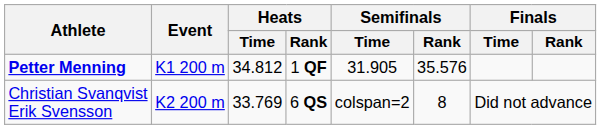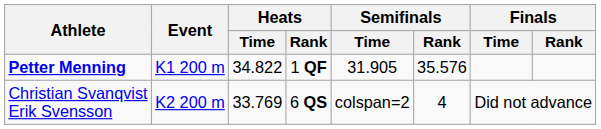 <table class="wikitable" style="font-size:90%">
 <tr>
 <th rowspan="2">Athlete</th>
 <th rowspan="2">Event</th>
 <th colspan=2>Heats</th>
 <th colspan=2>Semifinals</th>
 <th colspan=2>Finals</th>
 </tr>
 <tr style="font-size:95%">
 <th>Time</th>
 <th>Rank</th>
 <th>Time</th>
 <th>Rank</th>
 <th>Time</th>
 <th>Rank</th>
 </tr>
 <tr align=center>
 <td align=left><strong><a href='#'>Petter Menning</a></strong></td>
 <td align=left><a href='#'>K1 200 m</a></td>
-<td>34.812</td>
+<td>34.822</td>
 <td>1 <strong>QF</strong></td>
 <td>31.905</td>
 <td>35.576</td>
 <td></td>
 </tr>
 <tr align=center>
 <td align=left><a href='#'>Christian Svanqvist</a><br><a href='#'>Erik Svensson</a></td>
 <td align=left><a href='#'>K2 200 m</a></td>
 <td>33.769</td>
 <td>6 <strong>QS</strong></td>
 <td>colspan=2 </td>
-<td>8</td>
+<td>4</td>
 <td colspan=2>Did not advance</td>
 </tr>
 </table>
